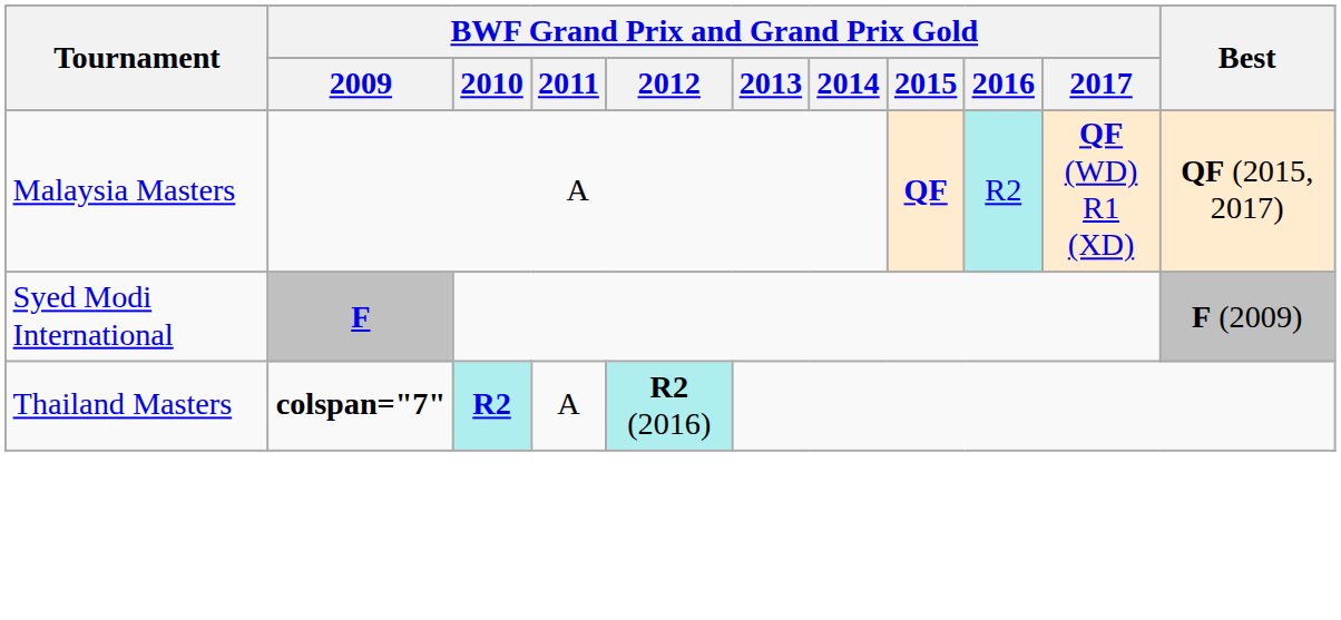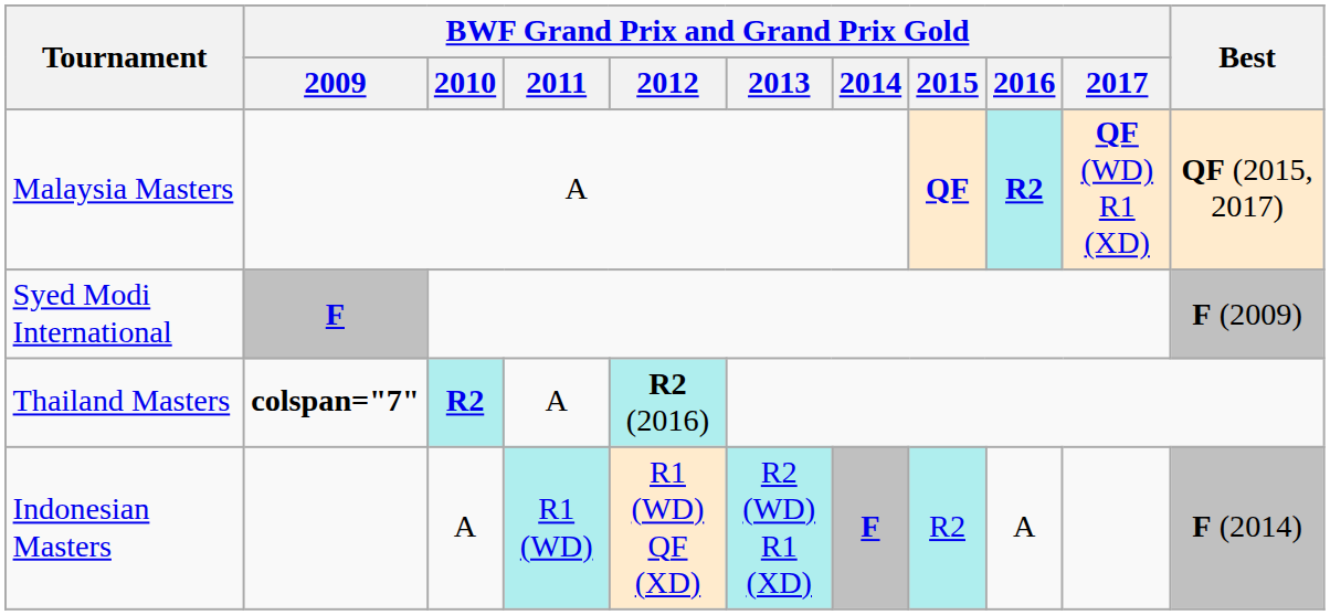 <table style='font-size: 90%; text-align:center;' class='wikitable'>
 <tr>
 <th rowspan="2">Tournament</th>
 <th colspan="9"><strong><a href='#'>BWF Grand Prix and Grand Prix Gold</a></strong></th>
 <th rowspan="2">Best</th>
 </tr>
 <tr>
 <th><a href='#'>2009</a></th>
 <th><a href='#'>2010</a></th>
 <th><a href='#'>2011</a></th>
 <th><a href='#'>2012</a></th>
 <th><a href='#'>2013</a></th>
 <th><a href='#'>2014</a></th>
 <th><a href='#'>2015</a></th>
 <th><a href='#'>2016</a></th>
 <th><a href='#'>2017</a></th>
 </tr>
 <tr>
 <td align=left><a href='#'>Malaysia Masters</a></td>
 <td colspan="6">A</td>
 <td bgcolor=FFEBCD><a href='#'><strong>QF</strong></a></td>
-<td bgcolor=AFEEEE><a href='#'>R2</a></td>
+<td bgcolor=AFEEEE><strong><a href='#'>R2</a></strong></td>
 <td bgcolor=FFEBCD><a href='#'><strong>QF</strong> (WD)</a><br><a href='#'>R1 (XD)</a></td>
 <td bgcolor=FFEBCD><strong>QF</strong> (2015, 2017)</td>
 </tr>
 <tr>
 <td align=left><a href='#'>Syed Modi International</a></td>
 <td bgcolor=Silver><a href='#'><strong>F</strong></a></td>
 <td colspan="8"></td>
 <td bgcolor=Silver><strong>F</strong> (2009)</td>
 </tr>
 <tr>
 <td align=left><a href='#'>Thailand Masters</a></td>
 <td><strong>colspan="7" </strong></td>
 <td bgcolor=AFEEEE><a href='#'><strong>R2</strong></a></td>
 <td>A</td>
 <td bgcolor=AFEEEE><strong>R2</strong> (2016)</td>
 </tr>
+<tr>
+<td align=left><a href='#'>Indonesian Masters</a></td>
+<td></td>
+<td>A</td>
+<td bgcolor=AFEEEE><a href='#'>R1 (WD)</a></td>
+<td bgcolor=FFEBCD><a href='#'>R1 (WD)</a><br><a href='#'>QF (XD)</a></td>
+<td bgcolor=AFEEEE><a href='#'>R2 (WD)</a><br><a href='#'>R1 (XD)</a></td>
+<td bgcolor=Silver><a href='#'><strong>F</strong></a></td>
+<td bgcolor=AFEEEE><a href='#'>R2</a></td>
+<td>A</td>
+<td></td>
+<td bgcolor=Silver><strong>F</strong> (2014)</td>
+</tr>
 </table>
